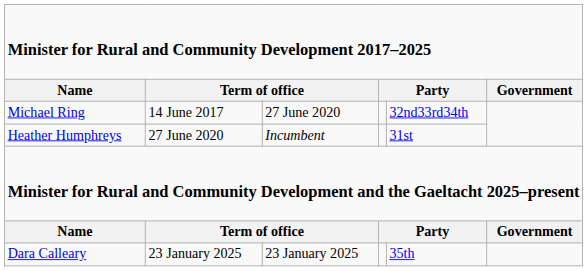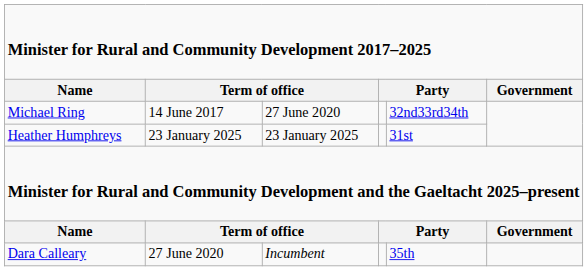 <table class="wikitable">
 <tr>
 <td colspan="8"><br><h3>Minister for Rural and Community Development 2017–2025</h3></td>
 </tr>
 <tr>
 <th>Name</th>
 <th colspan="2">Term of office</th>
 <th colspan="2">Party</th>
 <th>Government</th>
 </tr>
 <tr>
 <td><a href='#'>Michael Ring</a></td>
 <td>14 June 2017</td>
 <td>27 June 2020</td>
 <td></td>
 <td><a href='#'>32nd</a><a href='#'>33rd</a><a href='#'>34th</a></td>
 </tr>
 <tr>
 <td><a href='#'>Heather Humphreys</a></td>
-<td>27 June 2020</td>
-<td><em>Incumbent</em></td>
+<td>23 January 2025</td>
+<td>23 January 2025</td>
 <td></td>
 <td><a href='#'>31st</a></td>
 </tr>
 <tr>
 <td colspan="8"><br><h3>Minister for Rural and Community Development and the Gaeltacht 2025–present</h3></td>
 </tr>
 <tr>
 <th>Name</th>
 <th colspan="2">Term of office</th>
 <th colspan="2">Party</th>
 <th>Government</th>
 </tr>
 <tr>
 <td><a href='#'>Dara Calleary</a></td>
-<td>23 January 2025</td>
-<td>23 January 2025</td>
+<td>27 June 2020</td>
+<td><em>Incumbent</em></td>
 <td></td>
 <td><a href='#'>35th</a></td>
 </tr>
 </table>
